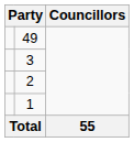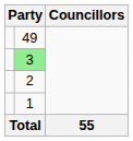 <table class="wikitable">
 <tr>
 <th colspan=2>Party</th>
 <th>Councillors</th>
 </tr>
 <tr>
 <td></td>
 <td align=center>49</td>
 </tr>
 <tr>
 <td></td>
-<td align=center>3</td>
+<td align=center style="background: lightgreen;">3</td>
 </tr>
 <tr>
 <td></td>
 <td align=center>2</td>
 </tr>
 <tr>
 <td></td>
 <td align=center>1</td>
 </tr>
 <tr>
 <th colspan=2>Total</th>
 <th align=center>55</th>
 </tr>
 </table>
